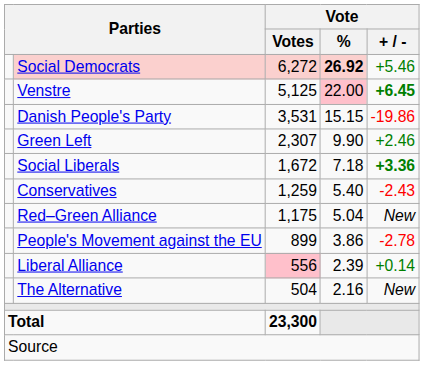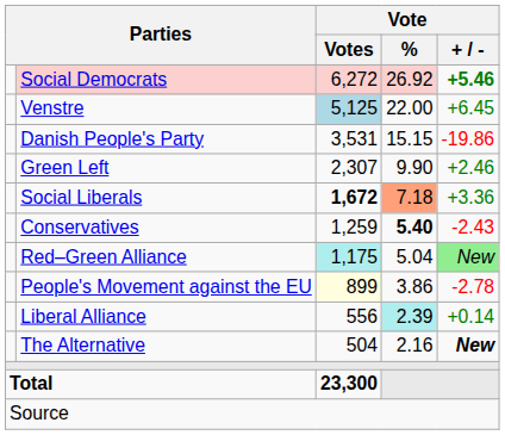 <table class="wikitable" style="text-align:right;">
 <tr>
 <th style="text-align:centre;" rowspan="2" colspan="2" width="225">Parties</th>
 <th colspan="3">Vote</th>
 </tr>
 <tr>
 <th width="15">Votes</th>
 <th width="15">%</th>
 <th width="15">+ / -</th>
 </tr>
 <tr>
 <td width="2" style="color:inherit;background:"></td>
 <td bgcolor=#fbd0ce   align="left"><a href='#'>Social Democrats</a></td>
 <td bgcolor=#fbd0ce>6,272</td>
-<td bgcolor=#fbd0ce><strong>26.92</strong></td>
-<td style=color:green;>+5.46</td>
+<td bgcolor=#fbd0ce>26.92</td>
+<td style=color:green;><strong>+5.46</strong></td>
 </tr>
 <tr>
 <td width="2" style="color:inherit;background:"></td>
 <td align="left"><a href='#'>Venstre</a></td>
-<td>5,125</td>
-<td style="background: pink;">22.00</td>
-<td style=color:green;><strong>+6.45</strong></td>
+<td style="background: lightblue;">5,125</td>
+<td>22.00</td>
+<td style=color:green;>+6.45</td>
 </tr>
 <tr>
 <td width="2" style="color:inherit;background:"></td>
 <td align="left"><a href='#'>Danish People's Party</a></td>
 <td>3,531</td>
 <td>15.15</td>
 <td style=color:red;>-19.86</td>
 </tr>
 <tr>
 <td width="2" style="color:inherit;background:"></td>
 <td align="left"><a href='#'>Green Left</a></td>
 <td>2,307</td>
 <td>9.90</td>
 <td style=color:green;>+2.46</td>
 </tr>
 <tr>
 <td width="2" style="color:inherit;background:"></td>
 <td align="left"><a href='#'>Social Liberals</a></td>
-<td>1,672</td>
-<td>7.18</td>
-<td style=color:green;><strong>+3.36</strong></td>
+<td><strong>1,672</strong></td>
+<td style="background: lightsalmon;">7.18</td>
+<td style=color:green;>+3.36</td>
 </tr>
 <tr>
 <td width="2" style="color:inherit;background:"></td>
 <td align="left"><a href='#'>Conservatives</a></td>
 <td>1,259</td>
-<td>5.40</td>
+<td><strong>5.40</strong></td>
 <td style=color:red;>-2.43</td>
 </tr>
 <tr>
 <td width="2" style="color:inherit;background:"></td>
 <td align="left"><a href='#'>Red–Green Alliance</a></td>
-<td>1,175</td>
+<td style="background: paleturquoise;">1,175</td>
 <td>5.04</td>
-<td><em>New</em></td>
+<td style="background: lightgreen;"><em>New</em></td>
 </tr>
 <tr>
 <td width="2" style="color:inherit;background:"></td>
 <td align="left"><a href='#'>People's Movement against the EU</a></td>
-<td>899</td>
+<td style="background: lightyellow;">899</td>
 <td>3.86</td>
 <td style=color:red;>-2.78</td>
 </tr>
 <tr>
 <td width="2" style="color:inherit;background:"></td>
 <td align="left"><a href='#'>Liberal Alliance</a></td>
-<td style="background: pink;">556</td>
-<td>2.39</td>
+<td>556</td>
+<td style="background: paleturquoise;">2.39</td>
 <td style=color:green;>+0.14</td>
 </tr>
 <tr>
 <td width="2" style="color:inherit;background:"></td>
 <td align="left"><a href='#'>The Alternative</a></td>
 <td>504</td>
 <td>2.16</td>
-<td><em>New</em></td>
+<td><strong><em>New</em></strong></td>
 </tr>
 <tr>
 <td colspan="7" bgcolor="#E9E9E9"></td>
 </tr>
 <tr>
 <td align="left" colspan="2"><strong>Total</strong></td>
 <td><strong>23,300</strong></td>
 <td bgcolor="#E9E9E9" colspan="2"></td>
 </tr>
 <tr>
 <td align="left" colspan="6">Source</td>
 </tr>
 </table>
